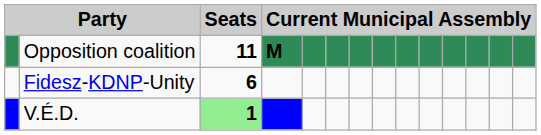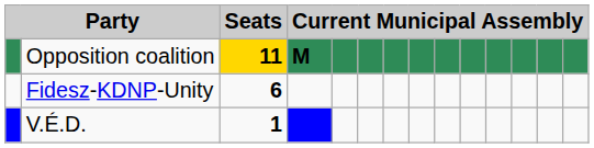 <table class="wikitable">
 <tr>
 <th style="background:#ccc" colspan="2">Party</th>
 <th style="background:#ccc">Seats</th>
 <th style="background:#ccc" colspan="11">Current Municipal Assembly</th>
 </tr>
 <tr>
 <td style="background-color: #2E8B57"> </td>
 <td>Opposition coalition</td>
-<td style="text-align: right"><strong>11</strong></td>
+<td style="background: gold; text-align: right"><strong>11</strong></td>
 <td style="background-color: #2E8B57"><span><strong>M</strong></span></td>
 <td style="background-color: #2E8B57"> </td>
 <td style="background-color: #2E8B57"> </td>
 <td style="background-color: #2E8B57"> </td>
 <td style="background-color: #2E8B57"> </td>
 <td style="background-color: #2E8B57"> </td>
 <td style="background-color: #2E8B57"> </td>
 <td style="background-color: #2E8B57"> </td>
 <td style="background-color: #2E8B57"> </td>
 <td style="background-color: #2E8B57"> </td>
 <td style="background-color: #2E8B57"> </td>
 </tr>
 <tr>
 <td style="background-color: "> </td>
 <td><a href='#'>Fidesz</a>-<a href='#'>KDNP</a>-Unity</td>
 <td style="text-align: right"><strong>6</strong></td>
 <td style="background-color: "> </td>
 <td style="background-color: "> </td>
 <td style="background-color: "> </td>
 <td style="background-color: "> </td>
 <td style="background-color: "> </td>
 <td style="background-color: "> </td>
 <td> </td>
 <td> </td>
 <td> </td>
 <td> </td>
 <td> </td>
 </tr>
 <tr>
 <td style="background-color: #0000FF"> </td>
 <td>V.É.D.</td>
-<td style="background: lightgreen; text-align: right"><strong>1</strong></td>
+<td style="text-align: right"><strong>1</strong></td>
 <td style="background-color: #0000FF"> </td>
 <td> </td>
 <td> </td>
 <td> </td>
 <td> </td>
 <td> </td>
 <td> </td>
 <td> </td>
 <td> </td>
 <td> </td>
 <td> </td>
 </tr>
 </table>
